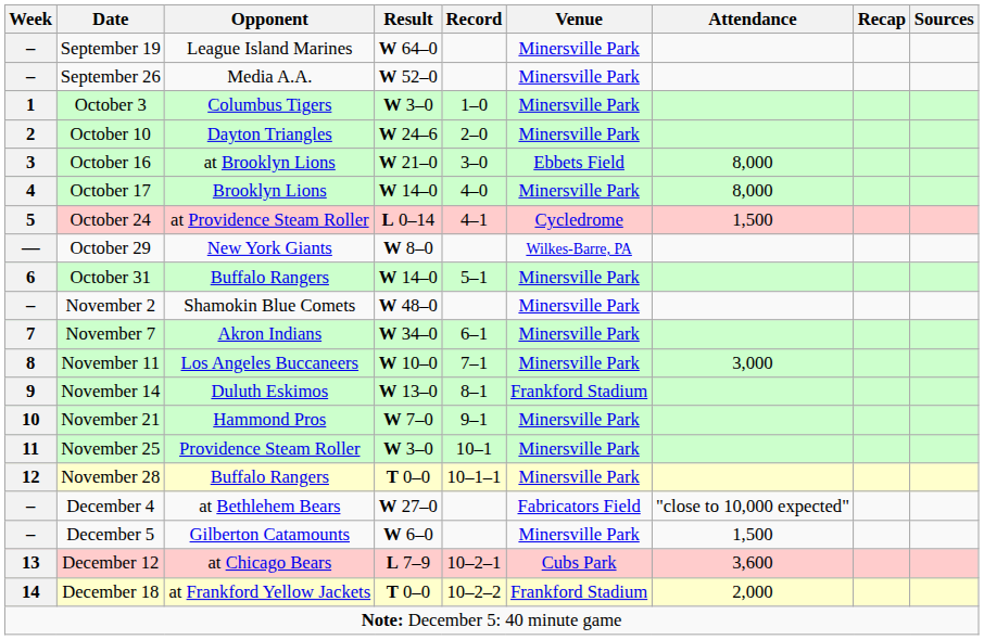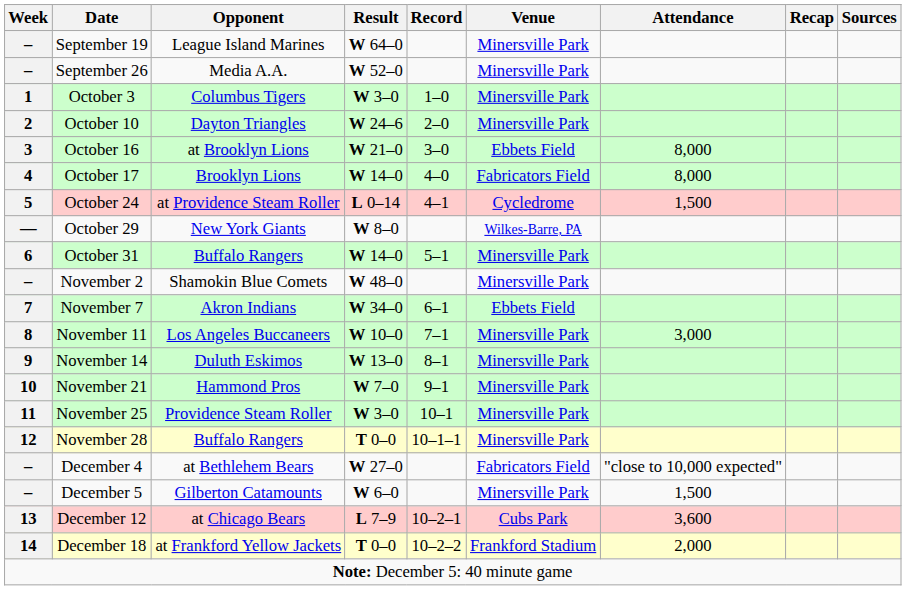 <table class="wikitable" style="text-align:center">
 <tr>
 <th>Week</th>
 <th>Date</th>
 <th>Opponent</th>
 <th>Result</th>
 <th>Record</th>
 <th>Venue</th>
 <th>Attendance</th>
 <th>Recap</th>
 <th>Sources</th>
 </tr>
 <tr>
 <th>–</th>
 <td>September 19</td>
 <td>League Island Marines</td>
 <td><strong>W</strong> 64–0</td>
 <td></td>
 <td><a href='#'>Minersville Park</a></td>
 <td></td>
 <td></td>
 <td></td>
 </tr>
 <tr>
 <th>–</th>
 <td>September 26</td>
 <td>Media A.A.</td>
 <td><strong>W</strong> 52–0</td>
 <td></td>
 <td><a href='#'>Minersville Park</a></td>
 <td></td>
 <td></td>
 <td></td>
 </tr>
 <tr style="background:#cfc">
 <th>1</th>
 <td>October 3</td>
 <td><a href='#'>Columbus Tigers</a></td>
 <td><strong>W</strong> 3–0</td>
 <td>1–0</td>
 <td><a href='#'>Minersville Park</a></td>
 <td></td>
 <td></td>
 <td></td>
 </tr>
 <tr style="background:#cfc">
 <th>2</th>
 <td>October 10</td>
 <td><a href='#'>Dayton Triangles</a></td>
 <td><strong>W</strong> 24–6</td>
 <td>2–0</td>
 <td><a href='#'>Minersville Park</a></td>
 <td></td>
 <td></td>
 <td></td>
 </tr>
 <tr style="background:#cfc">
 <th>3</th>
 <td>October 16</td>
 <td>at <a href='#'>Brooklyn Lions</a></td>
 <td><strong>W</strong> 21–0</td>
 <td>3–0</td>
 <td><a href='#'>Ebbets Field</a></td>
 <td>8,000</td>
 <td></td>
 <td></td>
 </tr>
 <tr style="background:#cfc">
 <th>4</th>
 <td>October 17</td>
 <td><a href='#'>Brooklyn Lions</a></td>
 <td><strong>W</strong> 14–0</td>
 <td>4–0</td>
-<td><a href='#'>Minersville Park</a></td>
+<td><a href='#'>Fabricators Field</a></td>
 <td>8,000</td>
 <td></td>
 <td></td>
 </tr>
 <tr style="background:#fcc">
 <th>5</th>
 <td>October 24</td>
 <td>at <a href='#'>Providence Steam Roller</a></td>
 <td><strong>L</strong> 0–14</td>
 <td>4–1</td>
 <td><a href='#'>Cycledrome</a></td>
 <td>1,500</td>
 <td></td>
 <td></td>
 </tr>
 <tr>
 <th>—</th>
 <td>October 29</td>
 <td><a href='#'>New York Giants</a></td>
 <td><strong>W</strong> 8–0</td>
 <td></td>
 <td><small><a href='#'>Wilkes-Barre, PA</a></small></td>
 <td></td>
 <td></td>
 <td></td>
 </tr>
 <tr style="background:#cfc">
 <th>6</th>
 <td>October 31</td>
 <td><a href='#'>Buffalo Rangers</a></td>
 <td><strong>W</strong> 14–0</td>
 <td>5–1</td>
 <td><a href='#'>Minersville Park</a></td>
 <td></td>
 <td></td>
 <td></td>
 </tr>
 <tr>
 <th>–</th>
 <td>November 2</td>
 <td>Shamokin Blue Comets</td>
 <td><strong>W</strong> 48–0</td>
 <td></td>
 <td><a href='#'>Minersville Park</a></td>
 <td></td>
 <td></td>
 <td></td>
 </tr>
 <tr style="background:#cfc">
 <th>7</th>
 <td>November 7</td>
 <td><a href='#'>Akron Indians</a></td>
 <td><strong>W</strong> 34–0</td>
 <td>6–1</td>
-<td><a href='#'>Minersville Park</a></td>
+<td><a href='#'>Ebbets Field</a></td>
 <td></td>
 <td></td>
 <td></td>
 </tr>
 <tr style="background:#cfc">
 <th>8</th>
 <td>November 11</td>
 <td><a href='#'>Los Angeles Buccaneers</a></td>
 <td><strong>W</strong> 10–0</td>
 <td>7–1</td>
 <td><a href='#'>Minersville Park</a></td>
 <td>3,000</td>
 <td></td>
 <td></td>
 </tr>
 <tr style="background:#cfc">
 <th>9</th>
 <td>November 14</td>
 <td><a href='#'>Duluth Eskimos</a></td>
 <td><strong>W</strong> 13–0</td>
 <td>8–1</td>
-<td><a href='#'>Frankford Stadium</a></td>
+<td><a href='#'>Minersville Park</a></td>
 <td></td>
 <td></td>
 <td></td>
 </tr>
 <tr style="background:#cfc">
 <th>10</th>
 <td>November 21</td>
 <td><a href='#'>Hammond Pros</a></td>
 <td><strong>W</strong> 7–0</td>
 <td>9–1</td>
 <td><a href='#'>Minersville Park</a></td>
 <td></td>
 <td></td>
 <td></td>
 </tr>
 <tr style="background:#cfc">
 <th>11</th>
 <td>November 25</td>
 <td><a href='#'>Providence Steam Roller</a></td>
 <td><strong>W</strong> 3–0</td>
 <td>10–1</td>
 <td><a href='#'>Minersville Park</a></td>
 <td></td>
 <td></td>
 <td></td>
 </tr>
 <tr style="background:#ffc">
 <th>12</th>
 <td>November 28</td>
 <td><a href='#'>Buffalo Rangers</a></td>
 <td><strong>T</strong> 0–0</td>
 <td>10–1–1</td>
 <td><a href='#'>Minersville Park</a></td>
 <td></td>
 <td></td>
 <td></td>
 </tr>
 <tr>
 <th>–</th>
 <td>December 4</td>
 <td>at <a href='#'>Bethlehem Bears</a></td>
 <td><strong>W</strong> 27–0</td>
 <td></td>
 <td><a href='#'>Fabricators Field</a></td>
 <td>"close to 10,000 expected"</td>
 <td></td>
 <td></td>
 </tr>
 <tr>
 <th>–</th>
 <td>December 5</td>
 <td><a href='#'>Gilberton Catamounts</a></td>
 <td><strong>W</strong> 6–0</td>
 <td></td>
 <td><a href='#'>Minersville Park</a></td>
 <td>1,500</td>
 <td></td>
 <td></td>
 </tr>
 <tr style="background:#fcc">
 <th>13</th>
 <td>December 12</td>
 <td>at <a href='#'>Chicago Bears</a></td>
 <td><strong>L</strong> 7–9</td>
 <td>10–2–1</td>
 <td><a href='#'>Cubs Park</a></td>
 <td>3,600</td>
 <td></td>
 <td></td>
 </tr>
 <tr style="background:#ffc">
 <th>14</th>
 <td>December 18</td>
 <td>at <a href='#'>Frankford Yellow Jackets</a></td>
 <td><strong>T</strong> 0–0</td>
 <td>10–2–2</td>
 <td><a href='#'>Frankford Stadium</a></td>
 <td>2,000</td>
 <td></td>
 <td></td>
 </tr>
 <tr>
 <td colspan="10"><strong>Note:</strong> December 5: 40 minute game</td>
 </tr>
 </table>
